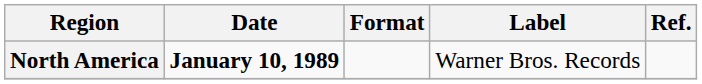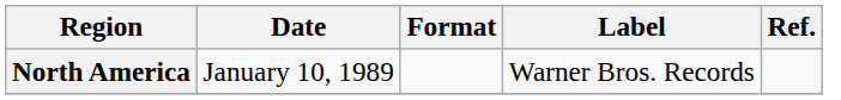 <table class="wikitable plainrowheaders">
 <tr>
 <th scope="col">Region</th>
 <th scope="col">Date</th>
 <th scope="col">Format</th>
 <th scope="col">Label</th>
 <th scope="col">Ref.</th>
 </tr>
 <tr>
 <th scope="row">North America</th>
-<td><strong>January 10, 1989</strong></td>
+<td>January 10, 1989</td>
 <td></td>
 <td>Warner Bros. Records</td>
 <td></td>
 </tr>
 <tr>
 </tr>
 </table>
